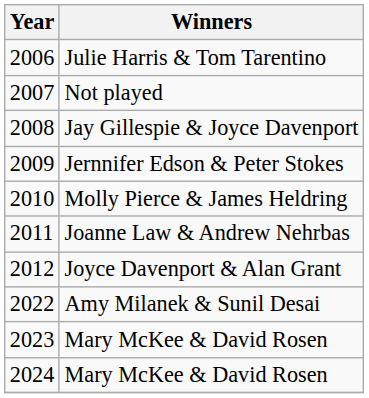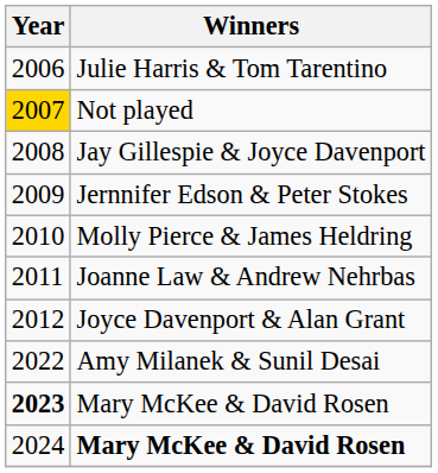 <table class="wikitable">
 <tr>
 <th>Year</th>
 <th>Winners</th>
 </tr>
 <tr>
 <td>2006</td>
 <td>Julie Harris & Tom Tarentino</td>
 </tr>
 <tr>
-<td>2007</td>
+<td style="background: gold;">2007</td>
 <td>Not played</td>
 </tr>
 <tr>
 <td>2008</td>
 <td>Jay Gillespie & Joyce Davenport</td>
 </tr>
 <tr>
 <td>2009</td>
 <td>Jernnifer Edson & Peter Stokes</td>
 </tr>
 <tr>
 <td>2010</td>
 <td>Molly Pierce & James Heldring</td>
 </tr>
 <tr>
 <td>2011</td>
 <td>Joanne Law & Andrew Nehrbas</td>
 </tr>
 <tr>
 <td>2012</td>
 <td>Joyce Davenport & Alan Grant</td>
 </tr>
 <tr>
 <td>2022</td>
 <td>Amy Milanek & Sunil Desai</td>
 </tr>
 <tr>
-<td>2023</td>
+<td><strong>2023</strong></td>
 <td>Mary McKee & David Rosen</td>
 </tr>
 <tr>
 <td>2024</td>
-<td>Mary McKee & David Rosen</td>
+<td><strong>Mary McKee & David Rosen</strong></td>
 </tr>
 <tr>
 </tr>
 </table>
